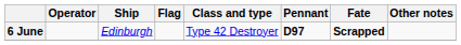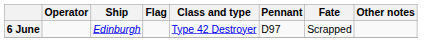 <table Class="wikitable">
 <tr>
 <th></th>
 <th>Operator</th>
 <th>Ship</th>
 <th>Flag</th>
 <th>Class and type</th>
 <th>Pennant</th>
 <th>Fate</th>
 <th>Other notes</th>
 </tr>
 <tr ---->
 <th>6 June</th>
 <td></td>
 <td><a href='#'><em>Edinburgh</em></a></td>
 <td></td>
 <td><a href='#'>Type 42 Destroyer</a></td>
-<td><strong>D97</strong></td>
-<td><strong>Scrapped</strong></td>
+<td>D97</td>
+<td>Scrapped</td>
 <td></td>
 </tr>
 <tr ---->
 </tr>
 </table>
